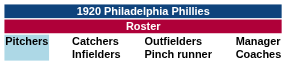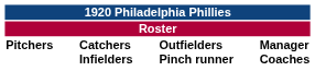 <table class="toccolours" style="font-size: 95%;">
 <tr>
 <th colspan="10" style="background-color: #0f437c; color: white; text-align: center;">1920 Philadelphia Phillies</th>
 </tr>
 <tr>
 <td colspan="10" style="background-color: #af0039; color: white; text-align: center;"><strong>Roster</strong></td>
 </tr>
 <tr>
-<td valign="top" style="background: lightblue;"><strong>Pitchers</strong><br>          </td>
+<td valign="top"><strong>Pitchers</strong><br>          </td>
 <td width="25px"></td>
 <td valign="top"><strong>Catchers</strong><br>   <strong>Infielders</strong>        </td>
 <td width="25px"></td>
 <td valign="top"><strong>Outfielders</strong><br>     <strong>Pinch runner</strong> </td>
 <td width="25px"></td>
 <td valign="top"><strong>Manager</strong><br> <strong>Coaches</strong> </td>
 </tr>
 </table>
